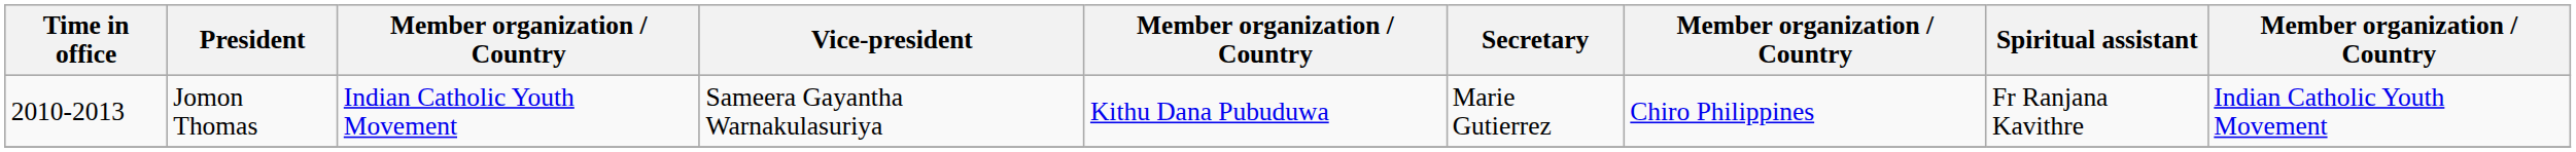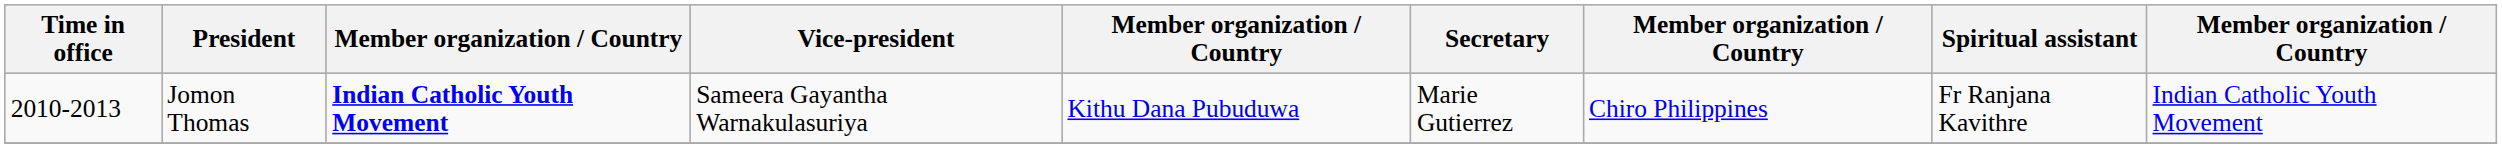 <table class="wikitable sortable">
 <tr>
 <th>Time in office</th>
 <th>President</th>
 <th>Member organization / Country</th>
 <th>Vice-president</th>
 <th>Member organization / Country</th>
 <th>Secretary</th>
 <th>Member organization / Country</th>
 <th>Spiritual assistant</th>
 <th>Member organization / Country</th>
 </tr>
 <tr>
 <td>2010-2013</td>
 <td>Jomon Thomas</td>
-<td><a href='#'>Indian Catholic Youth Movement</a> </td>
+<td><strong><a href='#'>Indian Catholic Youth Movement</a> </strong></td>
 <td>Sameera Gayantha Warnakulasuriya</td>
 <td><a href='#'>Kithu Dana Pubuduwa</a> </td>
 <td>Marie Gutierrez</td>
 <td><a href='#'>Chiro Philippines</a> </td>
 <td>Fr Ranjana Kavithre</td>
 <td><a href='#'>Indian Catholic Youth Movement</a> </td>
 </tr>
 <tr>
 </tr>
 </table>
